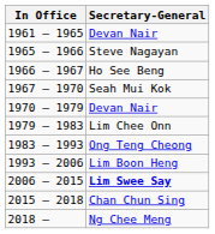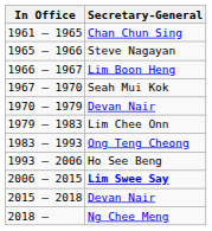 <table class="wikitable">
 <tr>
 <th>In Office</th>
 <th>Secretary-General</th>
 </tr>
 <tr>
 <td>1961 — 1965</td>
-<td><a href='#'>Devan Nair</a></td>
+<td><a href='#'>Chan Chun Sing</a></td>
 </tr>
 <tr>
 <td>1965 — 1966</td>
 <td>Steve Nagayan</td>
 </tr>
 <tr>
 <td>1966 — 1967</td>
-<td>Ho See Beng</td>
+<td><a href='#'>Lim Boon Heng</a></td>
 </tr>
 <tr>
 <td>1967 — 1970</td>
 <td>Seah Mui Kok</td>
 </tr>
 <tr>
 <td>1970 — 1979</td>
 <td><a href='#'>Devan Nair</a></td>
 </tr>
 <tr>
 <td>1979 — 1983</td>
 <td>Lim Chee Onn</td>
 </tr>
 <tr>
 <td>1983 — 1993</td>
 <td><a href='#'>Ong Teng Cheong</a></td>
 </tr>
 <tr>
 <td>1993 — 2006</td>
-<td><a href='#'>Lim Boon Heng</a></td>
+<td>Ho See Beng</td>
 </tr>
 <tr>
 <td>2006 — 2015</td>
 <td><strong><a href='#'>Lim Swee Say</a></strong></td>
 </tr>
 <tr>
 <td>2015 — 2018</td>
-<td><a href='#'>Chan Chun Sing</a></td>
+<td><a href='#'>Devan Nair</a></td>
 </tr>
 <tr>
 <td>2018 —</td>
 <td><a href='#'>Ng Chee Meng</a></td>
 </tr>
 </table>
